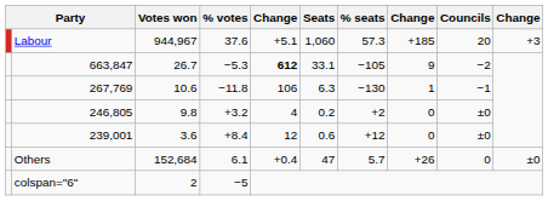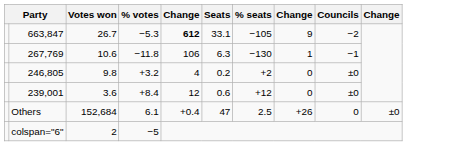 <table class="wikitable" style="font-size:95%;line-height:23px">
 <tr>
 <th colspan="2">Party</th>
 <th>Votes won</th>
 <th>% votes</th>
 <th>Change</th>
 <th>Seats</th>
 <th>% seats</th>
 <th>Change</th>
 <th>Councils</th>
 <th>Change</th>
-</tr>
-<tr>
-<td width="1" bgcolor=DC241f></td>
-<th style="text-align:left; font-weight:normal; background:#F9F9F9" colspan="1" width="150"><a href='#'>Labour</a></th>
-<td align="right">944,967</td>
-<td align="right">37.6</td>
-<td align="right">+5.1</td>
-<td align="right">1,060</td>
-<td align="right">57.3</td>
-<td align="right">+185</td>
-<td align="right">20</td>
-<td align="right">+3</td>
 </tr>
 <tr>
 <td></td>
 <td align="right">663,847</td>
 <td align="right">26.7</td>
 <td align="right">−5.3</td>
 <td align="right"><strong>612</strong></td>
 <td align="right">33.1</td>
 <td align="right">−105</td>
 <td align="right">9</td>
 <td align="right">−2</td>
 </tr>
 <tr>
 <td></td>
 <td align="right">267,769</td>
 <td align="right">10.6</td>
 <td align="right">−11.8</td>
 <td align="right">106</td>
 <td align="right">6.3</td>
 <td align="right">−130</td>
 <td align="right">1</td>
 <td align="right">−1</td>
 </tr>
 <tr>
 <td></td>
 <td align="right">246,805</td>
 <td align="right">9.8</td>
 <td align="right">+3.2</td>
 <td align="right">4</td>
 <td align="right">0.2</td>
 <td align="right">+2</td>
 <td align="right">0</td>
 <td align="right">±0</td>
 </tr>
 <tr>
 <td></td>
 <td align="right">239,001</td>
 <td align="right">3.6</td>
 <td align="right">+8.4</td>
 <td align="right">12</td>
 <td align="right">0.6</td>
 <td align="right">+12</td>
 <td align="right">0</td>
 <td align="right">±0</td>
 </tr>
 <tr>
 <td></td>
 <td style="text-align:left;">Others</td>
 <td align="right">152,684</td>
 <td align="right">6.1</td>
 <td align="right">+0.4</td>
 <td align="right">47</td>
-<td align="right">5.7</td>
+<td align="right">2.5</td>
 <td align="right">+26</td>
 <td align="right">0</td>
 <td align="right">±0</td>
 </tr>
 <tr>
 <td></td>
 <td>colspan="6"   </td>
 <td align="right">2</td>
 <td align="right">−5</td>
 </tr>
 </table>
